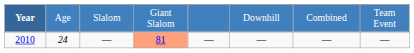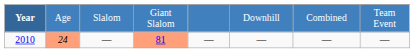 <table class="wikitable" style="font-size:95%; text-align:center; border:grey solid 1px; border-collapse:collapse;" width="40%">
 <tr style="background-color:#369; color:white;">
 <td rowspan="2" colspan="1" width="4%"><strong>Year</strong></td>
 </tr>
 <tr style="background-color:#4180be; color:white;">
 <td width="3%">Age</td>
 <td width="5%">Slalom</td>
 <td width="5%">Giant<br>Slalom</td>
 <td width="5%"></td>
 <td width="5%">Downhill</td>
 <td width="5%">Combined</td>
 <td width="5%">Team Event</td>
 </tr>
 <tr style="background-color:#8CB2D8; color:white;">
 </tr>
 <tr>
 <td><a href='#'>2010</a></td>
-<td><em>24</em></td>
+<td style="background: lightsalmon;"><em>24</em></td>
 <td>—</td>
 <td style="background: lightsalmon;"><a href='#'>81</a></td>
 <td>—</td>
 <td>—</td>
 <td>—</td>
 <td>—</td>
 </tr>
 </table>
